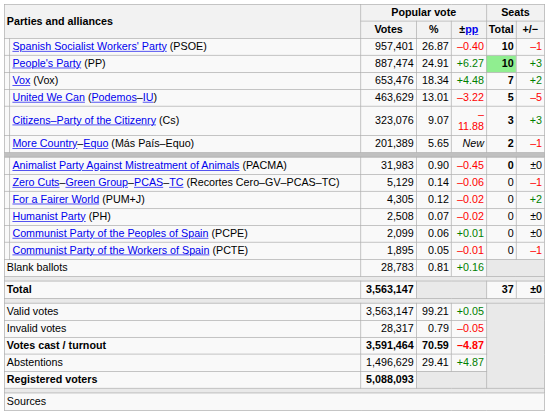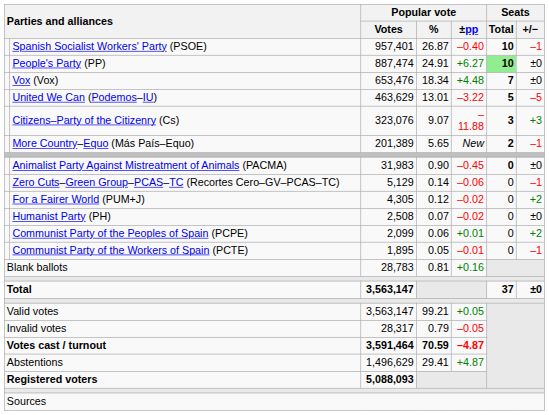 <table class="wikitable" style="text-align:right;">
 <tr>
 <th style="text-align:left;" rowspan="2" colspan="2" width="525">Parties and alliances</th>
 <th colspan="3">Popular vote</th>
 <th colspan="2">Seats</th>
 </tr>
 <tr>
 <th width="75">Votes</th>
 <th width="45">%</th>
 <th width="45">±<a href='#'>pp</a></th>
 <th width="35">Total</th>
 <th width="35">+/−</th>
 </tr>
 <tr>
 <td width="1" style="color:inherit;background:"></td>
 <td align="left"><a href='#'>Spanish Socialist Workers' Party</a> (PSOE)</td>
 <td>957,401</td>
 <td>26.87</td>
 <td style="color:red;">–0.40</td>
 <td><strong>10</strong></td>
 <td style="color:red;">–1</td>
 </tr>
 <tr>
 <td style="color:inherit;background:"></td>
 <td align="left"><a href='#'>People's Party</a> (PP)</td>
 <td>887,474</td>
 <td>24.91</td>
 <td style="color:green;">+6.27</td>
 <td style="background: lightgreen;"><strong>10</strong></td>
-<td style="color:green;">+3</td>
+<td>±0</td>
 </tr>
 <tr>
 <td style="color:inherit;background:"></td>
 <td align="left"><a href='#'>Vox</a> (Vox)</td>
 <td>653,476</td>
 <td>18.34</td>
 <td style="color:green;">+4.48</td>
 <td><strong>7</strong></td>
-<td style="color:green;">+2</td>
+<td>±0</td>
 </tr>
 <tr>
 <td style="color:inherit;background:"></td>
 <td align="left"><a href='#'>United We Can</a> (<a href='#'>Podemos</a>–<a href='#'>IU</a>)</td>
 <td>463,629</td>
 <td>13.01</td>
 <td style="color:red;">–3.22</td>
 <td><strong>5</strong></td>
 <td style="color:red;">–5</td>
 </tr>
 <tr>
 <td style="color:inherit;background:"></td>
 <td align="left"><a href='#'>Citizens–Party of the Citizenry</a> (Cs)</td>
 <td>323,076</td>
 <td>9.07</td>
 <td style="color:red;">–11.88</td>
 <td><strong>3</strong></td>
 <td style="color:green;">+3</td>
 </tr>
 <tr>
 <td style="color:inherit;background:"></td>
 <td align="left"><a href='#'>More Country</a>–<a href='#'>Equo</a> (Más País–Equo)</td>
 <td>201,389</td>
 <td>5.65</td>
 <td><em>New</em></td>
 <td><strong>2</strong></td>
 <td style="color:red;">–1</td>
 </tr>
 <tr>
 <td colspan="7" bgcolor="#C0C0C0"></td>
 </tr>
 <tr>
 <td style="color:inherit;background:"></td>
 <td align="left"><a href='#'>Animalist Party Against Mistreatment of Animals</a> (PACMA)</td>
 <td>31,983</td>
 <td>0.90</td>
 <td style="color:red;">–0.45</td>
 <td><strong>0</strong></td>
 <td>±0</td>
 </tr>
 <tr>
 <td style="color:inherit;background:"></td>
 <td align="left"><a href='#'>Zero Cuts</a>–<a href='#'>Green Group</a>–<a href='#'>PCAS</a>–<a href='#'>TC</a> (Recortes Cero–GV–PCAS–TC)</td>
 <td>5,129</td>
 <td>0.14</td>
 <td style="color:red;">–0.06</td>
 <td>0</td>
 <td style="color:red;">–1</td>
 </tr>
 <tr>
 <td style="color:inherit;background:"></td>
 <td align="left"><a href='#'>For a Fairer World</a> (PUM+J)</td>
 <td>4,305</td>
 <td>0.12</td>
 <td style="color:red;">–0.02</td>
 <td>0</td>
 <td style="color:green;">+2</td>
 </tr>
 <tr>
 <td style="color:inherit;background:"></td>
 <td align="left"><a href='#'>Humanist Party</a> (PH)</td>
 <td>2,508</td>
 <td>0.07</td>
 <td style="color:red;">–0.02</td>
 <td>0</td>
 <td>±0</td>
 </tr>
 <tr>
 <td style="color:inherit;background:"></td>
 <td align="left"><a href='#'>Communist Party of the Peoples of Spain</a> (PCPE)</td>
 <td>2,099</td>
 <td>0.06</td>
 <td style="color:green;">+0.01</td>
 <td>0</td>
-<td>±0</td>
+<td style="color:green;">+2</td>
 </tr>
 <tr>
 <td style="color:inherit;background:"></td>
 <td align="left"><a href='#'>Communist Party of the Workers of Spain</a> (PCTE)</td>
 <td>1,895</td>
 <td>0.05</td>
 <td style="color:red;">–0.01</td>
 <td>0</td>
 <td style="color:red;">–1</td>
 </tr>
 <tr>
 <td align="left" colspan="2">Blank ballots</td>
 <td>28,783</td>
 <td>0.81</td>
 <td style="color:green;">+0.16</td>
 <td bgcolor="#E9E9E9" colspan="2"></td>
 </tr>
 <tr>
 <td colspan="7" bgcolor="#E9E9E9"></td>
 </tr>
 <tr style="font-weight:bold;">
 <td align="left" colspan="2">Total</td>
 <td>3,563,147</td>
 <td bgcolor="#E9E9E9" colspan="2"></td>
 <td>37</td>
 <td>±0</td>
 </tr>
 <tr>
 <td colspan="7" bgcolor="#E9E9E9"></td>
 </tr>
 <tr>
 <td align="left" colspan="2">Valid votes</td>
 <td>3,563,147</td>
 <td>99.21</td>
 <td style="color:green;">+0.05</td>
 <td bgcolor="#E9E9E9" colspan="2" rowspan="5"></td>
 </tr>
 <tr>
 <td align="left" colspan="2">Invalid votes</td>
 <td>28,317</td>
 <td>0.79</td>
 <td style="color:red;">–0.05</td>
 </tr>
 <tr style="font-weight:bold;">
 <td align="left" colspan="2">Votes cast / turnout</td>
 <td>3,591,464</td>
 <td>70.59</td>
 <td style="color:red;">–4.87</td>
 </tr>
 <tr>
 <td align="left" colspan="2">Abstentions</td>
 <td>1,496,629</td>
 <td>29.41</td>
 <td style="color:green;">+4.87</td>
 </tr>
 <tr style="font-weight:bold;">
 <td align="left" colspan="2">Registered voters</td>
 <td>5,088,093</td>
 <td bgcolor="#E9E9E9" colspan="2"></td>
 </tr>
 <tr>
 <td colspan="7" bgcolor="#E9E9E9"></td>
 </tr>
 <tr>
 <td align="left" colspan="7">Sources</td>
 </tr>
 </table>
